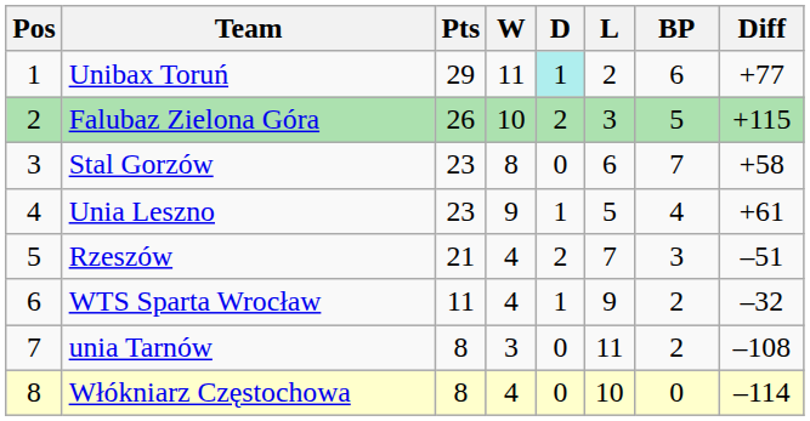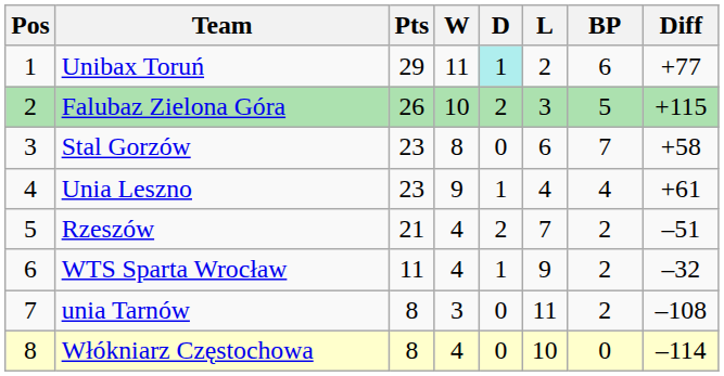 <table class="wikitable" style="font-size: 100%">
 <tr>
 <th width=20>Pos</th>
 <th width=200>Team</th>
 <th width=20>Pts</th>
 <th width=20>W</th>
 <th width=20>D</th>
 <th width=20>L</th>
 <th width=40>BP</th>
 <th width=40>Diff</th>
 </tr>
 <tr align=center>
 <td>1</td>
 <td align="left"><a href='#'>Unibax Toruń</a></td>
 <td>29</td>
 <td>11</td>
 <td style="background: paleturquoise;">1</td>
 <td>2</td>
 <td>6</td>
 <td>+77</td>
 </tr>
 <tr align=center style="background:#ACE1AF;">
 <td>2</td>
 <td align="left"><a href='#'>Falubaz Zielona Góra</a></td>
 <td>26</td>
 <td>10</td>
 <td>2</td>
 <td>3</td>
 <td>5</td>
 <td>+115</td>
 </tr>
 <tr align=center>
 <td>3</td>
 <td align="left"><a href='#'>Stal Gorzów</a></td>
 <td>23</td>
 <td>8</td>
 <td>0</td>
 <td>6</td>
 <td>7</td>
 <td>+58</td>
 </tr>
 <tr align=center>
 <td>4</td>
 <td align="left"><a href='#'>Unia Leszno</a></td>
 <td>23</td>
 <td>9</td>
 <td>1</td>
-<td>5</td>
+<td>4</td>
 <td>4</td>
 <td>+61</td>
 </tr>
 <tr align=center>
 <td>5</td>
 <td align="left"><a href='#'>Rzeszów</a></td>
 <td>21</td>
 <td>4</td>
 <td>2</td>
 <td>7</td>
-<td>3</td>
+<td>2</td>
 <td>–51</td>
 </tr>
 <tr align=center>
 <td>6</td>
 <td align="left"><a href='#'>WTS Sparta Wrocław</a></td>
 <td>11</td>
 <td>4</td>
 <td>1</td>
 <td>9</td>
 <td>2</td>
 <td>–32</td>
 </tr>
 <tr align=center>
 <td>7</td>
 <td align="left"><a href='#'>unia Tarnów</a></td>
 <td>8</td>
 <td>3</td>
 <td>0</td>
 <td>11</td>
 <td>2</td>
 <td>–108</td>
 </tr>
 <tr align=center style="background: #ffffcc;">
 <td>8</td>
 <td align="left"><a href='#'>Włókniarz Częstochowa</a></td>
 <td>8</td>
 <td>4</td>
 <td>0</td>
 <td>10</td>
 <td>0</td>
 <td>–114</td>
 </tr>
 </table>
